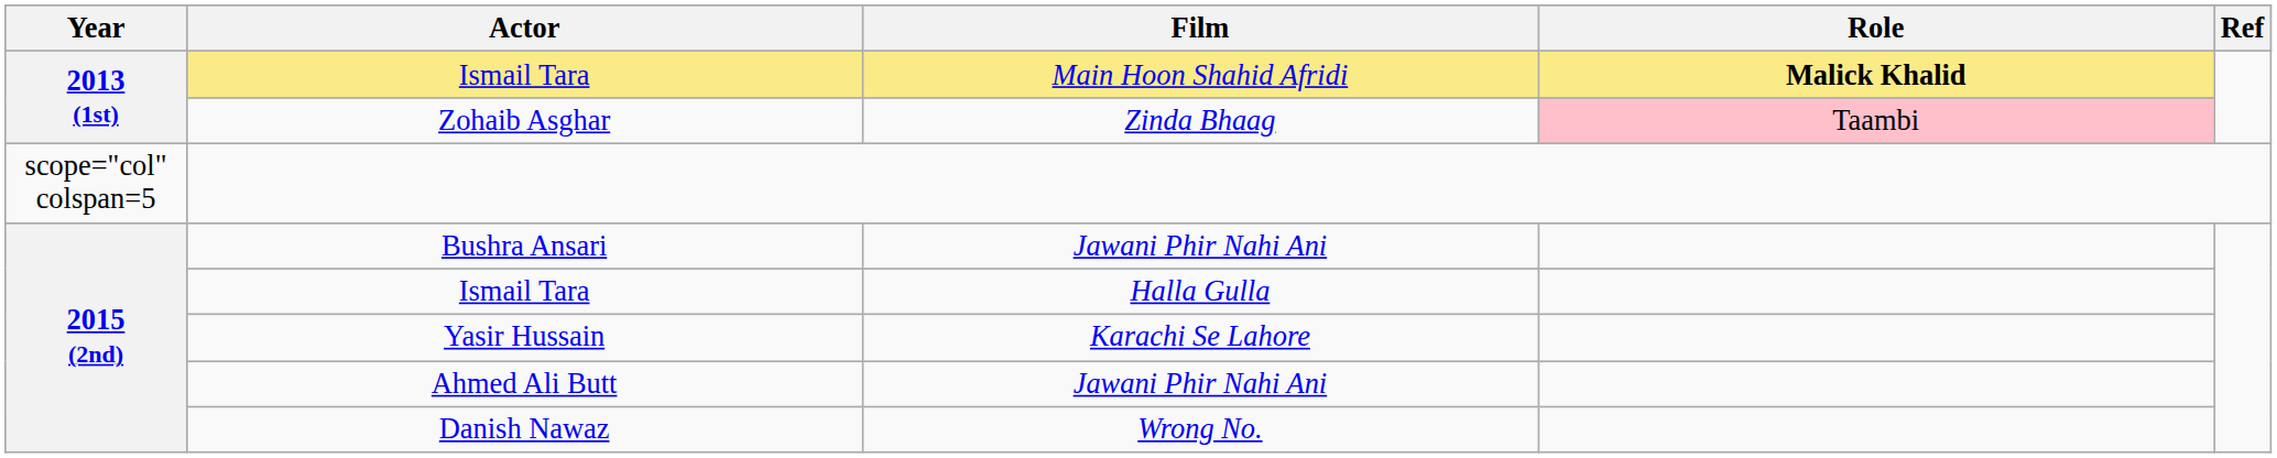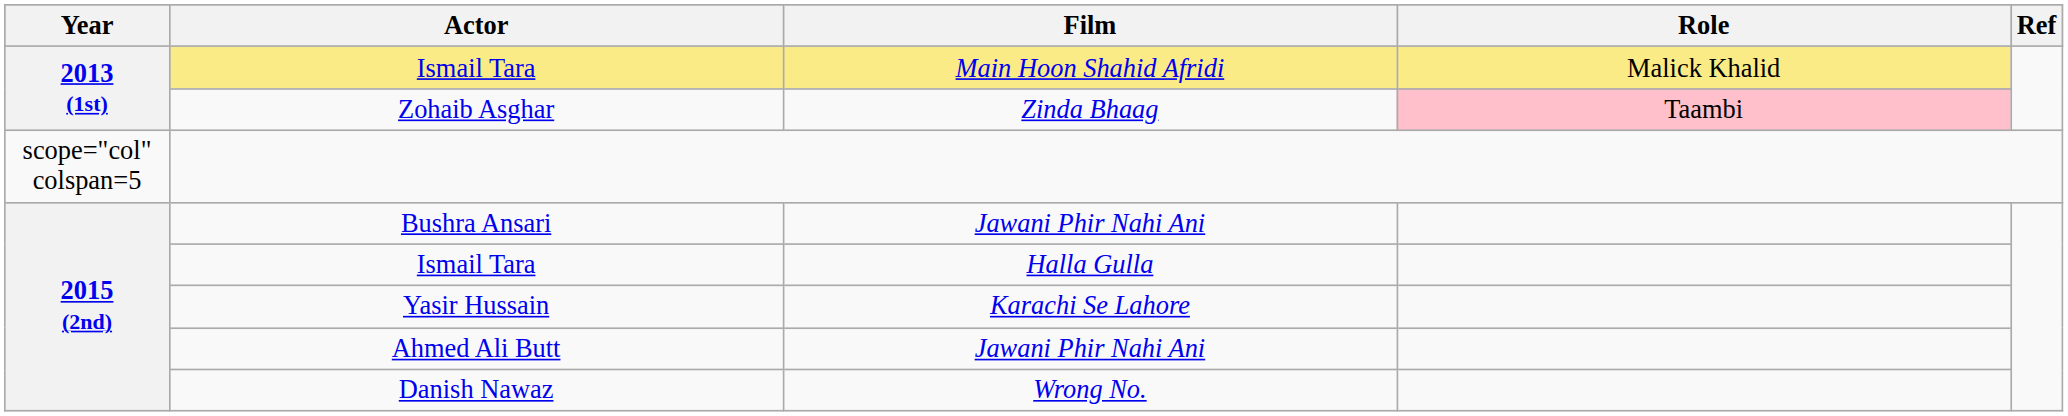 <table class="wikitable" style="text-align:center;">
 <tr style="background:#bebebe;">
 <th scope="col" style="width:8%;">Year</th>
 <th scope="col" style="width:30%;">Actor</th>
 <th scope="col" style="width:30%;">Film</th>
 <th scope="col" style="width:30%;">Role</th>
 <th scope="col" style="width:2%;">Ref</th>
 </tr>
 <tr>
 <th scope="row" rowspan=2 style="text-align:center"><strong><a href='#'>2013</a></strong><br><small><a href='#'>(1st)</a></small></th>
 <td style="background:#FAEB86"><a href='#'>Ismail Tara</a></td>
 <td style="background:#FAEB86"><em><a href='#'>Main Hoon Shahid Afridi</a></em></td>
-<td style="background:#FAEB86"><strong>Malick Khalid</strong></td>
+<td style="background:#FAEB86">Malick Khalid</td>
 <td rowspan=2></td>
 </tr>
 <tr>
 <td><a href='#'>Zohaib Asghar</a></td>
 <td><em><a href='#'>Zinda Bhaag</a></em></td>
 <td style="background: pink;">Taambi</td>
 </tr>
 <tr>
 <td>scope="col" colspan=5 </td>
 </tr>
 <tr>
 <th scope="row" rowspan=5 style="text-align:center"><strong><a href='#'>2015</a></strong><br><small><a href='#'>(2nd)</a></small></th>
 <td><a href='#'>Bushra Ansari</a></td>
 <td><em><a href='#'>Jawani Phir Nahi Ani</a></em></td>
 <td></td>
 <td rowspan=5></td>
 </tr>
 <tr>
 <td><a href='#'>Ismail Tara</a></td>
 <td><em><a href='#'>Halla Gulla</a></em></td>
 <td></td>
 </tr>
 <tr>
 <td><a href='#'>Yasir Hussain</a></td>
 <td><em><a href='#'>Karachi Se Lahore</a></em></td>
 <td></td>
 </tr>
 <tr>
 <td><a href='#'>Ahmed Ali Butt</a></td>
 <td><em><a href='#'>Jawani Phir Nahi Ani</a></em></td>
 <td></td>
 </tr>
 <tr>
 <td><a href='#'>Danish Nawaz</a></td>
 <td><em><a href='#'>Wrong No.</a></em></td>
 <td></td>
 </tr>
 </table>
